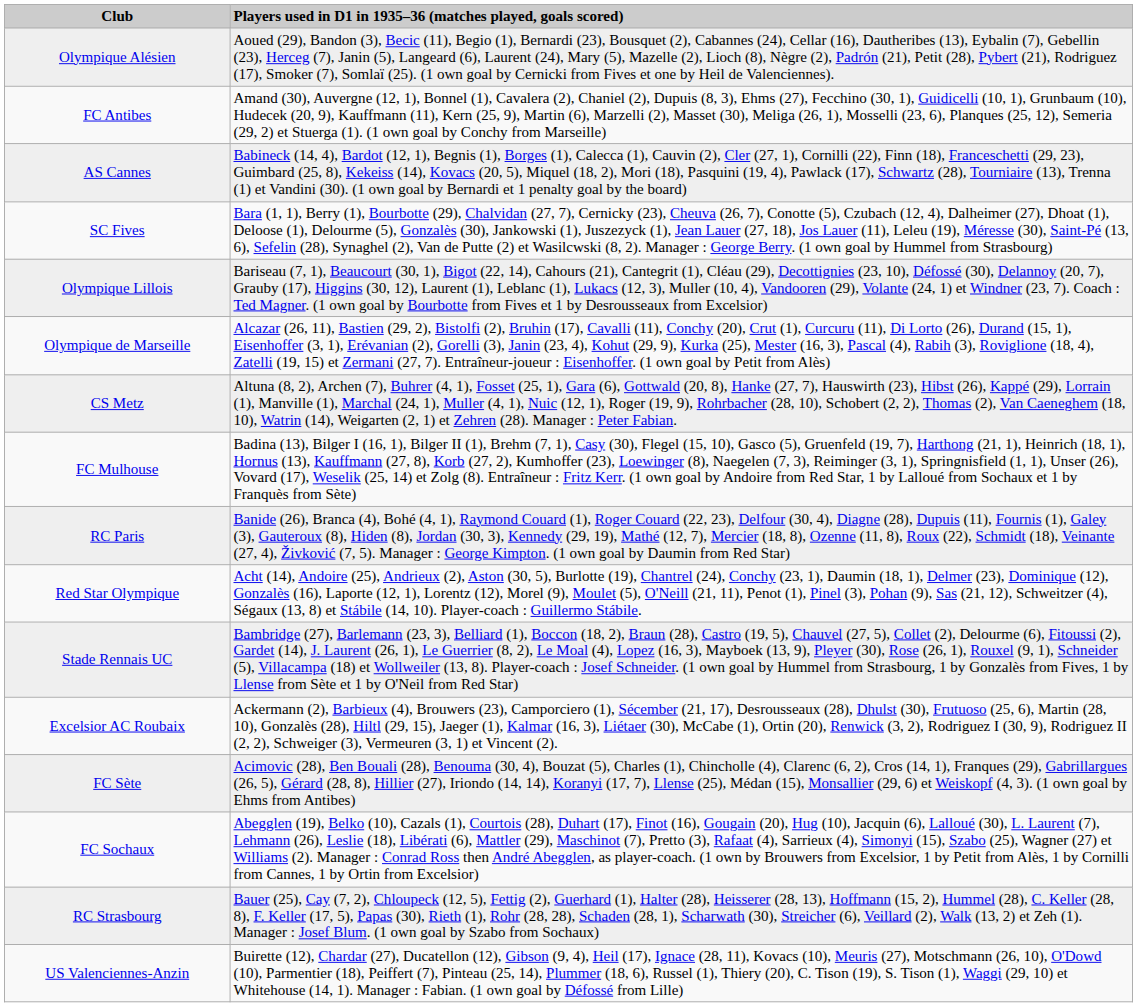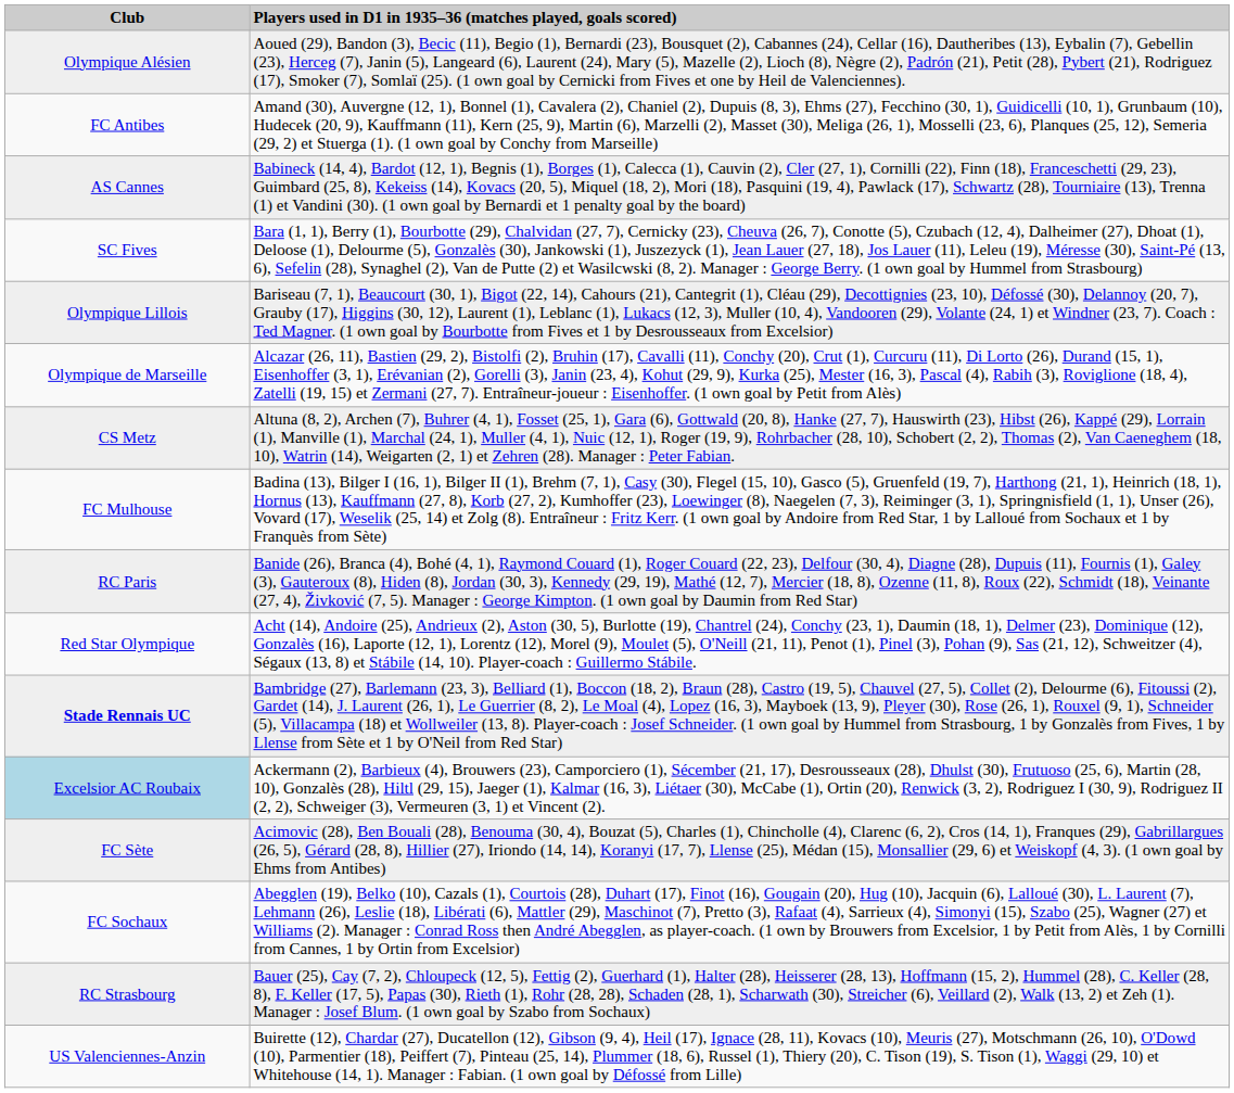 <table class="wikitable" style="width:95%;">
 <tr style="background:#ccc;">
 <td style="width:20%; text-align:center;"><strong>Club</strong></td>
 <td><strong>Players used in D1 in 1935–36 (matches played, goals scored)</strong></td>
 </tr>
 <tr style="background:#efefef;">
 <td align=center><a href='#'>Olympique Alésien</a></td>
 <td>Aoued (29), Bandon (3), <a href='#'>Becic</a> (11), Begio (1), Bernardi (23), Bousquet (2), Cabannes (24), Cellar (16), Dautheribes (13), Eybalin (7), Gebellin (23), <a href='#'>Herceg</a> (7), Janin (5), Langeard (6), Laurent (24), Mary (5), Mazelle (2), Lioch (8), Nègre (2), <a href='#'>Padrón</a>   (21), Petit (28), <a href='#'>Pybert</a> (21), Rodriguez (17), Smoker (7), Somlaï (25). (1 own goal by Cernicki from Fives et one by Heil de Valenciennes).</td>
 </tr>
 <tr>
 <td align=center><a href='#'>FC Antibes</a></td>
 <td>Amand (30), Auvergne (12, 1), Bonnel (1), Cavalera (2), Chaniel (2), Dupuis (8, 3), Ehms (27), Fecchino (30, 1), <a href='#'>Guidicelli</a> (10, 1), Grunbaum (10), Hudecek (20, 9), Kauffmann (11), Kern (25, 9), Martin (6), Marzelli (2), Masset (30), Meliga (26, 1), Mosselli (23, 6), Planques (25, 12), Semeria (29, 2) et Stuerga (1). (1 own goal by Conchy from Marseille)</td>
 </tr>
 <tr style="background:#efefef;">
 <td align=center><a href='#'>AS Cannes</a></td>
 <td><a href='#'>Babineck</a> (14, 4), <a href='#'>Bardot</a> (12, 1), Begnis (1), <a href='#'>Borges</a> (1), Calecca (1), Cauvin (2), <a href='#'>Cler</a> (27, 1), Cornilli (22), Finn (18), <a href='#'>Franceschetti</a> (29, 23), Guimbard (25, 8), <a href='#'>Kekeiss</a> (14), <a href='#'>Kovacs</a> (20, 5), Miquel (18, 2), Mori (18), Pasquini (19, 4), Pawlack (17), <a href='#'>Schwartz</a> (28), <a href='#'>Tourniaire</a> (13), Trenna (1) et Vandini (30). (1 own goal by Bernardi et 1 penalty goal by the board)</td>
 </tr>
 <tr>
 <td align=center><a href='#'>SC Fives</a></td>
 <td><a href='#'>Bara</a> (1, 1), Berry (1), <a href='#'>Bourbotte</a> (29), <a href='#'>Chalvidan</a> (27, 7), Cernicky (23), <a href='#'>Cheuva</a> (26, 7), Conotte (5), Czubach (12, 4), Dalheimer (27), Dhoat (1), Deloose (1), Delourme (5), <a href='#'>Gonzalès</a> (30), Jankowski (1), Juszezyck (1), <a href='#'>Jean Lauer</a> (27, 18), <a href='#'>Jos Lauer</a> (11), Leleu (19), <a href='#'>Méresse</a> (30), <a href='#'>Saint-Pé</a> (13, 6), <a href='#'>Sefelin</a> (28), Synaghel (2), Van de Putte (2) et Wasilcwski (8, 2). Manager : <a href='#'>George Berry</a>. (1 own goal by Hummel from Strasbourg)</td>
 </tr>
 <tr style="background:#efefef;">
 <td align=center><a href='#'>Olympique Lillois</a></td>
 <td>Bariseau (7, 1), <a href='#'>Beaucourt</a> (30, 1), <a href='#'>Bigot</a> (22, 14), Cahours (21), Cantegrit (1), Cléau (29), <a href='#'>Decottignies</a> (23, 10), <a href='#'>Défossé</a> (30), <a href='#'>Delannoy</a> (20, 7), Grauby (17), <a href='#'>Higgins</a> (30, 12), Laurent (1), Leblanc (1), <a href='#'>Lukacs</a> (12, 3), Muller (10, 4), <a href='#'>Vandooren</a> (29), <a href='#'>Volante</a> (24, 1) et <a href='#'>Windner</a> (23, 7). Coach : <a href='#'>Ted Magner</a>. (1 own goal by <a href='#'>Bourbotte</a> from Fives et 1 by Desrousseaux from Excelsior)</td>
 </tr>
 <tr>
 <td align=center><a href='#'>Olympique de Marseille</a></td>
 <td><a href='#'>Alcazar</a> (26, 11), <a href='#'>Bastien</a> (29, 2), <a href='#'>Bistolfi</a> (2), <a href='#'>Bruhin</a> (17), <a href='#'>Cavalli</a> (11), <a href='#'>Conchy</a> (20), <a href='#'>Crut</a> (1), <a href='#'>Curcuru</a> (11), <a href='#'>Di Lorto</a> (26), <a href='#'>Durand</a> (15, 1), <a href='#'>Eisenhoffer</a> (3, 1), <a href='#'>Erévanian</a> (2), <a href='#'>Gorelli</a> (3), <a href='#'>Janin</a> (23, 4), <a href='#'>Kohut</a> (29, 9), <a href='#'>Kurka</a> (25), <a href='#'>Mester</a> (16, 3), <a href='#'>Pascal</a> (4), <a href='#'>Rabih</a> (3), <a href='#'>Roviglione</a> (18, 4), <a href='#'>Zatelli</a> (19, 15) et <a href='#'>Zermani</a> (27, 7). Entraîneur-joueur : <a href='#'>Eisenhoffer</a>. (1 own goal by Petit from Alès)</td>
 </tr>
 <tr style="background:#efefef;">
 <td align=center><a href='#'>CS Metz</a></td>
 <td>Altuna (8, 2), Archen (7), <a href='#'>Buhrer</a> (4, 1), <a href='#'>Fosset</a> (25, 1), <a href='#'>Gara</a> (6), <a href='#'>Gottwald</a> (20, 8), <a href='#'>Hanke</a> (27, 7), Hauswirth (23), <a href='#'>Hibst</a> (26), <a href='#'>Kappé</a> (29), <a href='#'>Lorrain</a> (1), Manville (1), <a href='#'>Marchal</a> (24, 1), <a href='#'>Muller</a> (4, 1), <a href='#'>Nuic</a> (12, 1), Roger (19, 9), <a href='#'>Rohrbacher</a> (28, 10), Schobert (2, 2), <a href='#'>Thomas</a> (2), <a href='#'>Van Caeneghem</a> (18, 10), <a href='#'>Watrin</a> (14), Weigarten (2, 1) et <a href='#'>Zehren</a> (28). Manager : <a href='#'>Peter Fabian</a>.</td>
 </tr>
 <tr>
 <td align=center><a href='#'>FC Mulhouse</a></td>
 <td>Badina (13), Bilger I (16, 1), Bilger II (1), Brehm (7, 1), <a href='#'>Casy</a> (30), Flegel (15, 10), Gasco (5), Gruenfeld (19, 7), <a href='#'>Harthong</a> (21, 1), Heinrich (18, 1), <a href='#'>Hornus</a> (13), <a href='#'>Kauffmann</a> (27, 8), <a href='#'>Korb</a> (27, 2), Kumhoffer (23), <a href='#'>Loewinger</a> (8), Naegelen (7, 3), Reiminger (3, 1), Springnisfield (1, 1), Unser (26), Vovard (17), <a href='#'>Weselik</a> (25, 14) et Zolg (8). Entraîneur : <a href='#'>Fritz Kerr</a>. (1 own goal by Andoire from Red Star, 1 by Lalloué from Sochaux et 1 by Franquès from Sète)</td>
 </tr>
 <tr style="background:#efefef;">
 <td align=center><a href='#'>RC Paris</a></td>
 <td><a href='#'>Banide</a> (26), Branca (4), Bohé (4, 1), <a href='#'>Raymond Couard</a> (1), <a href='#'>Roger Couard</a> (22, 23), <a href='#'>Delfour</a> (30, 4), <a href='#'>Diagne</a> (28), <a href='#'>Dupuis</a> (11), <a href='#'>Fournis</a> (1), <a href='#'>Galey</a> (3), <a href='#'>Gauteroux</a> (8), <a href='#'>Hiden</a> (8), <a href='#'>Jordan</a> (30, 3), <a href='#'>Kennedy</a> (29, 19), <a href='#'>Mathé</a> (12, 7), <a href='#'>Mercier</a> (18, 8), <a href='#'>Ozenne</a> (11, 8), <a href='#'>Roux</a> (22), <a href='#'>Schmidt</a> (18), <a href='#'>Veinante</a> (27, 4), <a href='#'>Živković</a> (7, 5). Manager : <a href='#'>George Kimpton</a>. (1 own goal by Daumin from Red Star)</td>
 </tr>
 <tr>
 <td align=center><a href='#'>Red Star Olympique</a></td>
 <td><a href='#'>Acht</a> (14), <a href='#'>Andoire</a> (25), <a href='#'>Andrieux</a> (2), <a href='#'>Aston</a> (30, 5), Burlotte (19), <a href='#'>Chantrel</a> (24), <a href='#'>Conchy</a> (23, 1), Daumin (18, 1), <a href='#'>Delmer</a> (23), <a href='#'>Dominique</a> (12), <a href='#'>Gonzalès</a> (16), Laporte (12, 1), Lorentz (12), Morel (9), <a href='#'>Moulet</a> (5), <a href='#'>O'Neill</a> (21, 11), Penot (1), <a href='#'>Pinel</a> (3), <a href='#'>Pohan</a> (9), <a href='#'>Sas</a> (21, 12), Schweitzer (4), Ségaux (13, 8) et <a href='#'>Stábile</a> (14, 10). Player-coach : <a href='#'>Guillermo Stábile</a>.</td>
 </tr>
 <tr style="background:#efefef;">
-<td align=center><a href='#'>Stade Rennais UC</a></td>
+<td align=center><strong><a href='#'>Stade Rennais UC</a></strong></td>
 <td><a href='#'>Bambridge</a> (27), <a href='#'>Barlemann</a> (23, 3), <a href='#'>Belliard</a> (1), <a href='#'>Boccon</a> (18, 2), <a href='#'>Braun</a> (28), <a href='#'>Castro</a> (19, 5), <a href='#'>Chauvel</a> (27, 5), <a href='#'>Collet</a> (2), Delourme (6), <a href='#'>Fitoussi</a> (2), <a href='#'>Gardet</a> (14), <a href='#'>J. Laurent</a> (26, 1), <a href='#'>Le Guerrier</a> (8, 2), <a href='#'>Le Moal</a> (4), <a href='#'>Lopez</a> (16, 3), Mayboek (13, 9), <a href='#'>Pleyer</a> (30), <a href='#'>Rose</a> (26, 1), <a href='#'>Rouxel</a> (9, 1), <a href='#'>Schneider</a> (5), <a href='#'>Villacampa</a> (18) et <a href='#'>Wollweiler</a> (13, 8). Player-coach : <a href='#'>Josef Schneider</a>. (1 own goal by Hummel from Strasbourg, 1 by Gonzalès from Fives, 1 by <a href='#'>Llense</a> from Sète et 1 by O'Neil from Red Star)</td>
 </tr>
 <tr>
-<td align=center><a href='#'>Excelsior AC Roubaix</a></td>
+<td align=center style="background: lightblue;"><a href='#'>Excelsior AC Roubaix</a></td>
 <td>Ackermann (2), <a href='#'>Barbieux</a> (4), Brouwers (23), Camporciero (1), <a href='#'>Sécember</a> (21, 17), Desrousseaux (28), <a href='#'>Dhulst</a> (30), <a href='#'>Frutuoso</a> (25, 6), Martin (28, 10), Gonzalès (28), <a href='#'>Hiltl</a> (29, 15), Jaeger (1), <a href='#'>Kalmar</a> (16, 3), <a href='#'>Liétaer</a> (30), McCabe (1), Ortin (20), <a href='#'>Renwick</a> (3, 2), Rodriguez I (30, 9), Rodriguez II (2, 2), Schweiger (3), Vermeuren (3, 1) et Vincent (2).</td>
 </tr>
 <tr style="background:#efefef;">
 <td align=center><a href='#'>FC Sète</a></td>
 <td><a href='#'>Acimovic</a> (28), <a href='#'>Ben Bouali</a> (28), <a href='#'>Benouma</a> (30, 4), Bouzat (5), Charles (1), Chincholle (4), Clarenc (6, 2), Cros (14, 1), Franques (29), <a href='#'>Gabrillargues</a> (26, 5), <a href='#'>Gérard</a> (28, 8), <a href='#'>Hillier</a> (27), Iriondo (14, 14), <a href='#'>Koranyi</a> (17, 7), <a href='#'>Llense</a> (25), Médan (15), <a href='#'>Monsallier</a> (29, 6) et <a href='#'>Weiskopf</a> (4, 3). (1 own goal by Ehms from Antibes)</td>
 </tr>
 <tr>
 <td align=center><a href='#'>FC Sochaux</a></td>
 <td><a href='#'>Abegglen</a> (19), <a href='#'>Belko</a> (10), Cazals (1), <a href='#'>Courtois</a> (28), <a href='#'>Duhart</a> (17), <a href='#'>Finot</a> (16), <a href='#'>Gougain</a> (20), <a href='#'>Hug</a> (10), Jacquin (6), <a href='#'>Lalloué</a> (30), <a href='#'>L. Laurent</a> (7), <a href='#'>Lehmann</a> (26), <a href='#'>Leslie</a> (18), <a href='#'>Libérati</a> (6), <a href='#'>Mattler</a> (29), <a href='#'>Maschinot</a> (7), Pretto (3), <a href='#'>Rafaat</a> (4), Sarrieux (4), <a href='#'>Simonyi</a> (15), <a href='#'>Szabo</a> (25), Wagner (27) et <a href='#'>Williams</a> (2). Manager : <a href='#'>Conrad Ross</a> then <a href='#'>André Abegglen</a>, as player-coach. (1 own by Brouwers from Excelsior, 1 by Petit from Alès, 1 by Cornilli from Cannes, 1 by Ortin from Excelsior)</td>
 </tr>
 <tr style="background:#efefef;">
 <td align=center><a href='#'>RC Strasbourg</a></td>
 <td><a href='#'>Bauer</a> (25), <a href='#'>Cay</a> (7, 2), <a href='#'>Chloupeck</a> (12, 5), <a href='#'>Fettig</a> (2), <a href='#'>Guerhard</a> (1), <a href='#'>Halter</a> (28), <a href='#'>Heisserer</a> (28, 13), <a href='#'>Hoffmann</a> (15, 2), <a href='#'>Hummel</a> (28), <a href='#'>C. Keller</a> (28, 8), <a href='#'>F. Keller</a> (17, 5), <a href='#'>Papas</a> (30), <a href='#'>Rieth</a> (1), <a href='#'>Rohr</a> (28, 28), <a href='#'>Schaden</a> (28, 1), <a href='#'>Scharwath</a> (30), <a href='#'>Streicher</a> (6), <a href='#'>Veillard</a> (2), <a href='#'>Walk</a> (13, 2) et Zeh (1). Manager : <a href='#'>Josef Blum</a>. (1 own goal by Szabo from Sochaux)</td>
 </tr>
 <tr>
 <td align=center><a href='#'>US Valenciennes-Anzin</a></td>
 <td>Buirette (12), <a href='#'>Chardar</a> (27), Ducatellon (12), <a href='#'>Gibson</a> (9, 4), <a href='#'>Heil</a> (17), <a href='#'>Ignace</a> (28, 11), Kovacs (10), <a href='#'>Meuris</a> (27), Motschmann (26, 10), <a href='#'>O'Dowd</a> (10), Parmentier (18), Peiffert (7), Pinteau (25, 14), <a href='#'>Plummer</a> (18, 6), Russel (1), Thiery (20), C. Tison (19), S. Tison (1), <a href='#'>Waggi</a> (29, 10) et Whitehouse (14, 1). Manager : Fabian. (1 own goal by <a href='#'>Défossé</a> from Lille)</td>
 </tr>
 </table>
